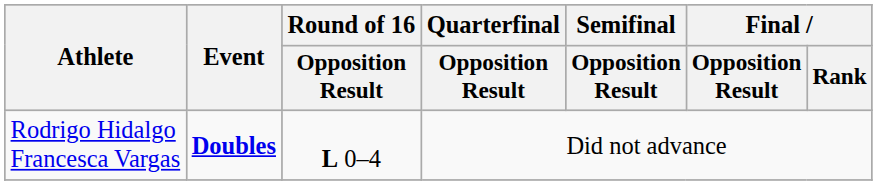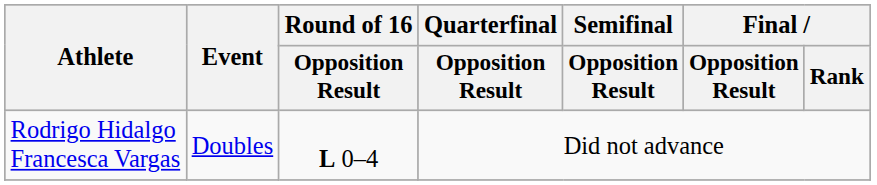 <table class=wikitable style=font-size:90%;text-align:center>
 <tr>
 <th rowspan=2>Athlete</th>
 <th rowspan=2>Event</th>
 <th>Round of 16</th>
 <th>Quarterfinal</th>
 <th>Semifinal</th>
 <th colspan=2>Final / </th>
 </tr>
 <tr style=font-size:95%>
 <th>Opposition<br>Result</th>
 <th>Opposition<br>Result</th>
 <th>Opposition<br>Result</th>
 <th>Opposition<br>Result</th>
 <th>Rank</th>
 </tr>
 <tr>
 <td align=left><a href='#'>Rodrigo Hidalgo</a><br><a href='#'>Francesca Vargas</a></td>
-<td align=left><strong><a href='#'>Doubles</a></strong></td>
+<td align=left><a href='#'>Doubles</a></td>
 <td><br><strong>L</strong> 0–4</td>
 <td colspan=4>Did not advance</td>
 </tr>
 </table>
